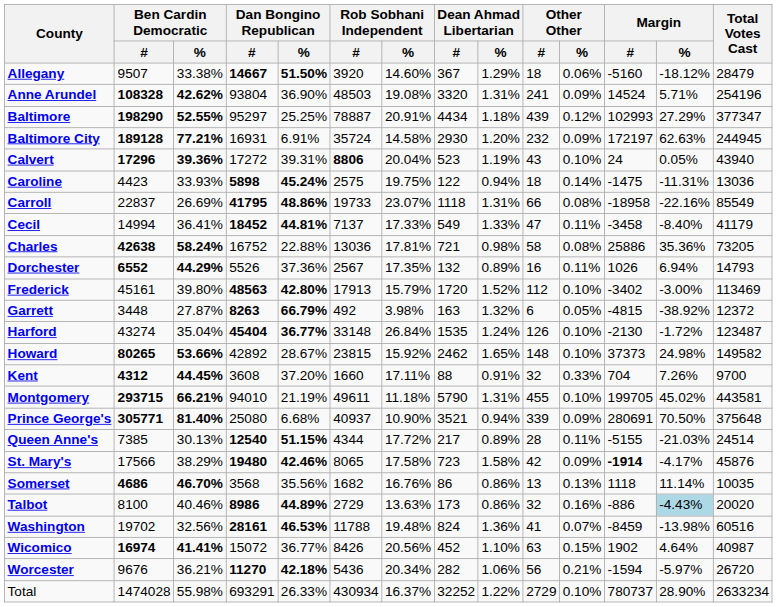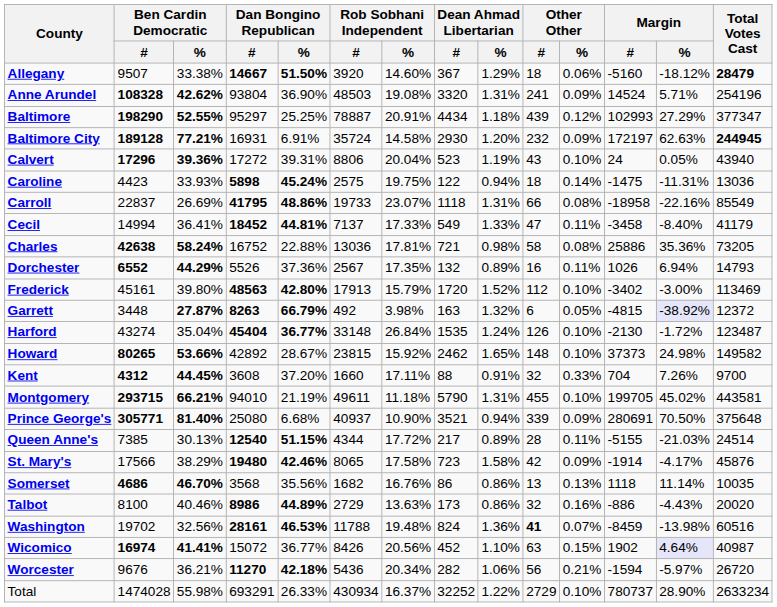 <table class="wikitable sortable">
 <tr>
 <th rowspan="2">County</th>
 <th colspan="2" >Ben Cardin<br>Democratic</th>
 <th colspan="2" >Dan Bongino<br>Republican</th>
 <th colspan="2" >Rob Sobhani<br>Independent</th>
 <th colspan="2" >Dean Ahmad<br>Libertarian</th>
 <th colspan="2" >Other<br>Other</th>
 <th colspan="2">Margin</th>
 <th rowspan="2">Total<br>Votes<br>Cast</th>
 </tr>
 <tr>
 <th>#</th>
 <th>%</th>
 <th>#</th>
 <th>%</th>
 <th>#</th>
 <th>%</th>
 <th>#</th>
 <th>%</th>
 <th>#</th>
 <th>%</th>
 <th>#</th>
 <th>%</th>
 </tr>
 <tr>
 <td><strong><a href='#'>Allegany</a></strong></td>
 <td>9507</td>
 <td>33.38%</td>
 <td><strong>14667</strong></td>
 <td><strong>51.50%</strong></td>
 <td>3920</td>
 <td>14.60%</td>
 <td>367</td>
 <td>1.29%</td>
 <td>18</td>
 <td>0.06%</td>
 <td>-5160</td>
 <td>-18.12%</td>
-<td>28479</td>
+<td><strong>28479</strong></td>
 </tr>
 <tr>
 <td><strong><a href='#'>Anne Arundel</a></strong></td>
 <td><strong>108328</strong></td>
 <td><strong>42.62%</strong></td>
 <td>93804</td>
 <td>36.90%</td>
 <td>48503</td>
 <td>19.08%</td>
 <td>3320</td>
 <td>1.31%</td>
 <td>241</td>
 <td>0.09%</td>
 <td>14524</td>
 <td>5.71%</td>
 <td>254196</td>
 </tr>
 <tr>
 <td><strong><a href='#'>Baltimore</a></strong></td>
 <td><strong>198290</strong></td>
 <td><strong>52.55%</strong></td>
 <td>95297</td>
 <td>25.25%</td>
 <td>78887</td>
 <td>20.91%</td>
 <td>4434</td>
 <td>1.18%</td>
 <td>439</td>
 <td>0.12%</td>
 <td>102993</td>
 <td>27.29%</td>
 <td>377347</td>
 </tr>
 <tr>
 <td><strong><a href='#'>Baltimore City</a></strong></td>
 <td><strong>189128</strong></td>
 <td><strong>77.21%</strong></td>
 <td>16931</td>
 <td>6.91%</td>
 <td>35724</td>
 <td>14.58%</td>
 <td>2930</td>
 <td>1.20%</td>
 <td>232</td>
 <td>0.09%</td>
 <td>172197</td>
 <td>62.63%</td>
-<td>244945</td>
+<td><strong>244945</strong></td>
 </tr>
 <tr>
 <td><strong><a href='#'>Calvert</a></strong></td>
 <td><strong>17296</strong></td>
 <td><strong>39.36%</strong></td>
 <td>17272</td>
 <td>39.31%</td>
-<td><strong>8806</strong></td>
+<td>8806</td>
 <td>20.04%</td>
 <td>523</td>
 <td>1.19%</td>
 <td>43</td>
 <td>0.10%</td>
 <td>24</td>
 <td>0.05%</td>
 <td>43940</td>
 </tr>
 <tr>
 <td><strong><a href='#'>Caroline</a></strong></td>
 <td>4423</td>
 <td>33.93%</td>
 <td><strong>5898</strong></td>
 <td><strong>45.24%</strong></td>
 <td>2575</td>
 <td>19.75%</td>
 <td>122</td>
 <td>0.94%</td>
 <td>18</td>
 <td>0.14%</td>
 <td>-1475</td>
 <td>-11.31%</td>
 <td>13036</td>
 </tr>
 <tr>
 <td><strong><a href='#'>Carroll</a></strong></td>
 <td>22837</td>
 <td>26.69%</td>
 <td><strong>41795</strong></td>
 <td><strong>48.86%</strong></td>
 <td>19733</td>
 <td>23.07%</td>
 <td>1118</td>
 <td>1.31%</td>
 <td>66</td>
 <td>0.08%</td>
 <td>-18958</td>
 <td>-22.16%</td>
 <td>85549</td>
 </tr>
 <tr>
 <td><strong><a href='#'>Cecil</a></strong></td>
 <td>14994</td>
 <td>36.41%</td>
 <td><strong>18452</strong></td>
 <td><strong>44.81%</strong></td>
 <td>7137</td>
 <td>17.33%</td>
 <td>549</td>
 <td>1.33%</td>
 <td>47</td>
 <td>0.11%</td>
 <td>-3458</td>
 <td>-8.40%</td>
 <td>41179</td>
 </tr>
 <tr>
 <td><strong><a href='#'>Charles</a></strong></td>
 <td><strong>42638</strong></td>
 <td><strong>58.24%</strong></td>
 <td>16752</td>
 <td>22.88%</td>
 <td>13036</td>
 <td>17.81%</td>
 <td>721</td>
 <td>0.98%</td>
 <td>58</td>
 <td>0.08%</td>
 <td>25886</td>
 <td>35.36%</td>
 <td>73205</td>
 </tr>
 <tr>
 <td><strong><a href='#'>Dorchester</a></strong></td>
 <td><strong>6552</strong></td>
 <td><strong>44.29%</strong></td>
 <td>5526</td>
 <td>37.36%</td>
 <td>2567</td>
 <td>17.35%</td>
 <td>132</td>
 <td>0.89%</td>
 <td>16</td>
 <td>0.11%</td>
 <td>1026</td>
 <td>6.94%</td>
 <td>14793</td>
 </tr>
 <tr>
 <td><strong><a href='#'>Frederick</a></strong></td>
 <td>45161</td>
 <td>39.80%</td>
 <td><strong>48563</strong></td>
 <td><strong>42.80%</strong></td>
 <td>17913</td>
 <td>15.79%</td>
 <td>1720</td>
 <td>1.52%</td>
 <td>112</td>
 <td>0.10%</td>
 <td>-3402</td>
 <td>-3.00%</td>
 <td>113469</td>
 </tr>
 <tr>
 <td><strong><a href='#'>Garrett</a></strong></td>
 <td>3448</td>
-<td>27.87%</td>
+<td><strong>27.87%</strong></td>
 <td><strong>8263</strong></td>
 <td><strong>66.79%</strong></td>
 <td>492</td>
 <td>3.98%</td>
 <td>163</td>
 <td>1.32%</td>
 <td>6</td>
 <td>0.05%</td>
 <td>-4815</td>
-<td>-38.92%</td>
+<td style="background: lavender;">-38.92%</td>
 <td>12372</td>
 </tr>
 <tr>
 <td><strong><a href='#'>Harford</a></strong></td>
 <td>43274</td>
 <td>35.04%</td>
 <td><strong>45404</strong></td>
 <td><strong>36.77%</strong></td>
 <td>33148</td>
 <td>26.84%</td>
 <td>1535</td>
 <td>1.24%</td>
 <td>126</td>
 <td>0.10%</td>
 <td>-2130</td>
 <td>-1.72%</td>
 <td>123487</td>
 </tr>
 <tr>
 <td><strong><a href='#'>Howard</a></strong></td>
 <td><strong>80265</strong></td>
 <td><strong>53.66%</strong></td>
 <td>42892</td>
 <td>28.67%</td>
 <td>23815</td>
 <td>15.92%</td>
 <td>2462</td>
 <td>1.65%</td>
 <td>148</td>
 <td>0.10%</td>
 <td>37373</td>
 <td>24.98%</td>
 <td>149582</td>
 </tr>
 <tr>
 <td><strong><a href='#'>Kent</a></strong></td>
 <td><strong>4312</strong></td>
 <td><strong>44.45%</strong></td>
 <td>3608</td>
 <td>37.20%</td>
 <td>1660</td>
 <td>17.11%</td>
 <td>88</td>
 <td>0.91%</td>
 <td>32</td>
 <td>0.33%</td>
 <td>704</td>
 <td>7.26%</td>
 <td>9700</td>
 </tr>
 <tr>
 <td><strong><a href='#'>Montgomery</a></strong></td>
 <td><strong>293715</strong></td>
 <td><strong>66.21%</strong></td>
 <td>94010</td>
 <td>21.19%</td>
 <td>49611</td>
 <td>11.18%</td>
 <td>5790</td>
 <td>1.31%</td>
 <td>455</td>
 <td>0.10%</td>
 <td>199705</td>
 <td>45.02%</td>
 <td>443581</td>
 </tr>
 <tr>
 <td><strong><a href='#'>Prince George's</a></strong></td>
 <td><strong>305771</strong></td>
 <td><strong>81.40%</strong></td>
 <td>25080</td>
 <td>6.68%</td>
 <td>40937</td>
 <td>10.90%</td>
 <td>3521</td>
 <td>0.94%</td>
 <td>339</td>
 <td>0.09%</td>
 <td>280691</td>
 <td>70.50%</td>
 <td>375648</td>
 </tr>
 <tr>
 <td><strong><a href='#'>Queen Anne's</a></strong></td>
 <td>7385</td>
 <td>30.13%</td>
 <td><strong>12540</strong></td>
 <td><strong>51.15%</strong></td>
 <td>4344</td>
 <td>17.72%</td>
 <td>217</td>
 <td>0.89%</td>
 <td>28</td>
 <td>0.11%</td>
 <td>-5155</td>
 <td>-21.03%</td>
 <td>24514</td>
 </tr>
 <tr>
 <td><strong><a href='#'>St. Mary's</a></strong></td>
 <td>17566</td>
 <td>38.29%</td>
 <td><strong>19480</strong></td>
 <td><strong>42.46%</strong></td>
 <td>8065</td>
 <td>17.58%</td>
 <td>723</td>
 <td>1.58%</td>
 <td>42</td>
 <td>0.09%</td>
-<td><strong>-1914</strong></td>
+<td>-1914</td>
 <td>-4.17%</td>
 <td>45876</td>
 </tr>
 <tr>
 <td><strong><a href='#'>Somerset</a></strong></td>
 <td><strong>4686</strong></td>
 <td><strong>46.70%</strong></td>
 <td>3568</td>
 <td>35.56%</td>
 <td>1682</td>
 <td>16.76%</td>
 <td>86</td>
 <td>0.86%</td>
 <td>13</td>
 <td>0.13%</td>
 <td>1118</td>
 <td>11.14%</td>
 <td>10035</td>
 </tr>
 <tr>
 <td><strong><a href='#'>Talbot</a></strong></td>
 <td>8100</td>
 <td>40.46%</td>
 <td><strong>8986</strong></td>
 <td><strong>44.89%</strong></td>
 <td>2729</td>
 <td>13.63%</td>
 <td>173</td>
 <td>0.86%</td>
 <td>32</td>
 <td>0.16%</td>
 <td>-886</td>
-<td style="background: lightblue;">-4.43%</td>
+<td>-4.43%</td>
 <td>20020</td>
 </tr>
 <tr>
 <td><strong><a href='#'>Washington</a></strong></td>
 <td>19702</td>
 <td>32.56%</td>
 <td><strong>28161</strong></td>
 <td><strong>46.53%</strong></td>
 <td>11788</td>
 <td>19.48%</td>
 <td>824</td>
 <td>1.36%</td>
-<td>41</td>
+<td><strong>41</strong></td>
 <td>0.07%</td>
 <td>-8459</td>
 <td>-13.98%</td>
 <td>60516</td>
 </tr>
 <tr>
 <td><strong><a href='#'>Wicomico</a></strong></td>
 <td><strong>16974</strong></td>
 <td><strong>41.41%</strong></td>
 <td>15072</td>
 <td>36.77%</td>
 <td>8426</td>
 <td>20.56%</td>
 <td>452</td>
 <td>1.10%</td>
 <td>63</td>
 <td>0.15%</td>
 <td>1902</td>
-<td>4.64%</td>
+<td style="background: lavender;">4.64%</td>
 <td>40987</td>
 </tr>
 <tr>
 <td><strong><a href='#'>Worcester</a></strong></td>
 <td>9676</td>
 <td>36.21%</td>
 <td><strong>11270</strong></td>
 <td><strong>42.18%</strong></td>
 <td>5436</td>
 <td>20.34%</td>
 <td>282</td>
 <td>1.06%</td>
 <td>56</td>
 <td>0.21%</td>
 <td>-1594</td>
 <td>-5.97%</td>
 <td>26720</td>
 </tr>
 <tr>
 <td>Total</td>
 <td>1474028</td>
 <td>55.98%</td>
 <td>693291</td>
 <td>26.33%</td>
 <td>430934</td>
 <td>16.37%</td>
 <td>32252</td>
 <td>1.22%</td>
 <td>2729</td>
 <td>0.10%</td>
 <td>780737</td>
 <td>28.90%</td>
 <td>2633234</td>
 </tr>
 </table>
